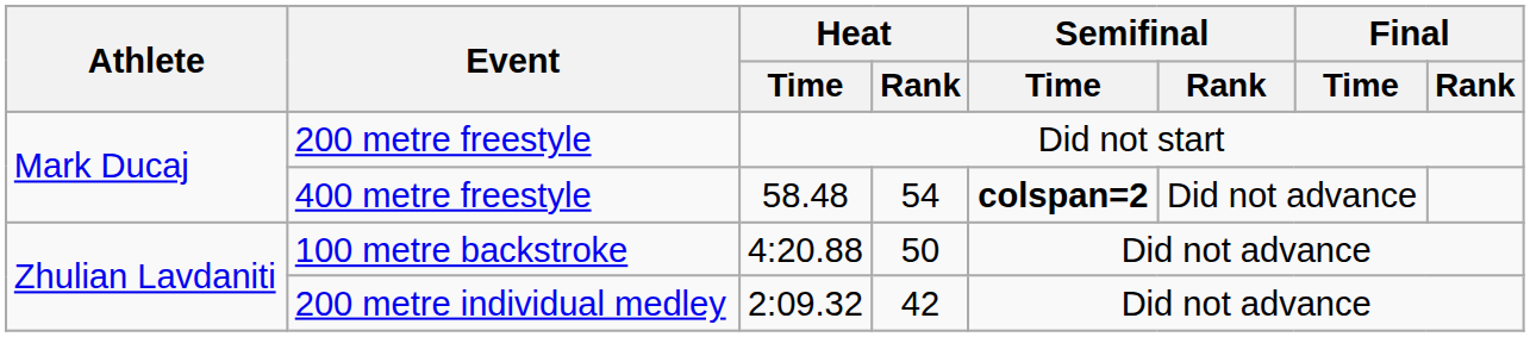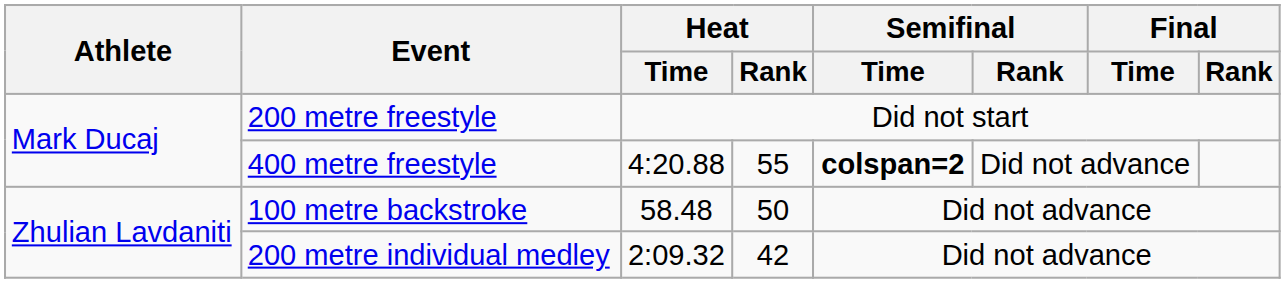 <table class="wikitable" style="text-align:center; font-size:90%; width:50%;">
 <tr>
 <th rowspan="2">Athlete</th>
 <th rowspan="2">Event</th>
 <th colspan="2">Heat</th>
 <th colspan="2">Semifinal</th>
 <th colspan="2">Final</th>
 </tr>
 <tr style="font-size:95%">
 <th>Time</th>
 <th>Rank</th>
 <th>Time</th>
 <th>Rank</th>
 <th>Time</th>
 <th>Rank</th>
 </tr>
 <tr>
 <td align=left rowspan=2><a href='#'>Mark Ducaj</a></td>
 <td align=left><a href='#'>200 metre freestyle</a></td>
 <td colspan="6">Did not start</td>
 </tr>
 <tr>
 <td align=left><a href='#'>400 metre freestyle</a></td>
-<td>58.48</td>
-<td>54</td>
+<td>4:20.88</td>
+<td>55</td>
 <td><strong>colspan=2 </strong></td>
 <td colspan=2>Did not advance</td>
 </tr>
 <tr>
 <td align=left rowspan=2><a href='#'>Zhulian Lavdaniti</a></td>
 <td align=left><a href='#'>100 metre backstroke</a></td>
-<td>4:20.88</td>
+<td>58.48</td>
 <td>50</td>
 <td colspan=4>Did not advance</td>
 </tr>
 <tr>
 <td align=left><a href='#'>200 metre individual medley</a></td>
 <td>2:09.32</td>
 <td>42</td>
 <td colspan=4>Did not advance</td>
 </tr>
 </table>
